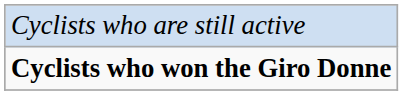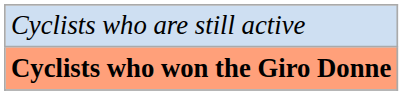 <table class="wikitable">
 <tr>
 <td style= "background:#CEDFF2;"><em>Cyclists who are still active</em></td>
 </tr>
 <tr>
-<td><strong>Cyclists who won the Giro Donne</strong></td>
+<td style="background: lightsalmon;"><strong>Cyclists who won the Giro Donne</strong></td>
 </tr>
 </table>
